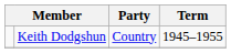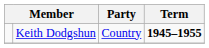 <table class="wikitable">
 <tr>
 <th colspan="2">Member</th>
 <th>Party</th>
 <th>Term</th>
 </tr>
 <tr>
 <td> </td>
 <td><a href='#'>Keith Dodgshun</a></td>
 <td><a href='#'>Country</a></td>
-<td>1945–1955</td>
+<td><strong>1945–1955</strong></td>
 </tr>
 <tr>
 </tr>
 </table>
